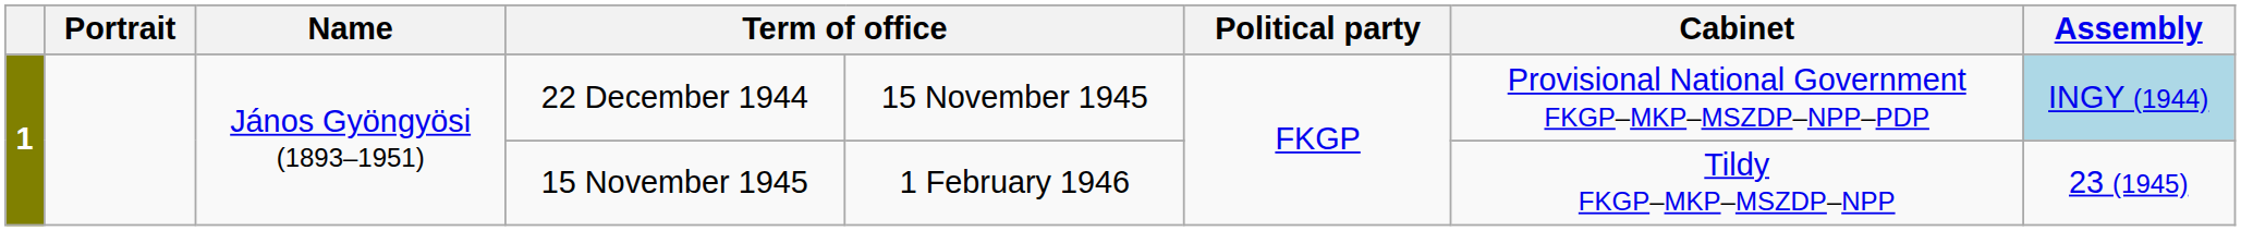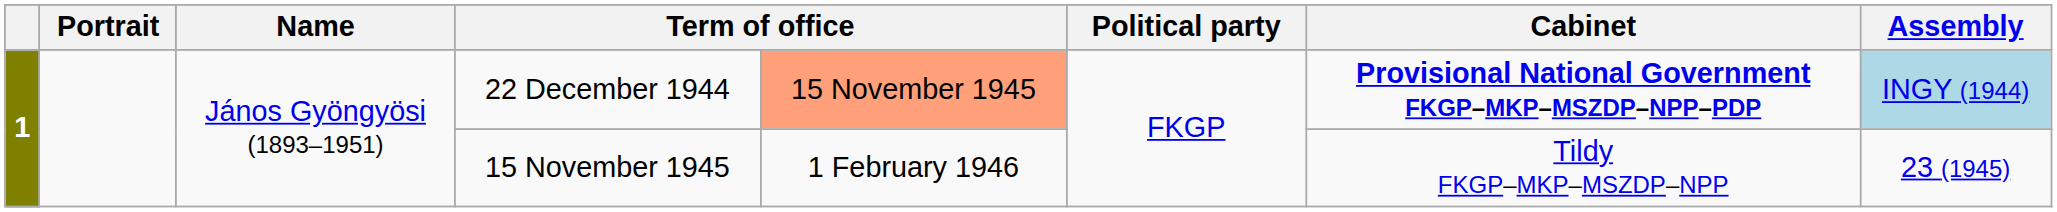 <table class="wikitable" style="width:90%; text-align:center;">
 <tr>
 <th></th>
 <th>Portrait</th>
 <th>Name<br></th>
 <th colspan=2>Term of office</th>
 <th>Political party</th>
 <th>Cabinet</th>
 <th><a href='#'>Assembly</a><br></th>
 </tr>
 <tr>
 <th rowspan="2" style="background-color:#808000; color:white">1</th>
 <td rowspan="2"></td>
 <td rowspan="2"><a href='#'>János Gyöngyösi</a><br><small>(1893–1951)</small></td>
 <td>22 December 1944</td>
-<td>15 November 1945</td>
+<td style="background: lightsalmon;">15 November 1945</td>
 <td rowspan="2"><a href='#'>FKGP</a></td>
-<td><a href='#'>Provisional National Government</a><br><small><a href='#'>FKGP</a>–<a href='#'>MKP</a>–<a href='#'>MSZDP</a>–<a href='#'>NPP</a>–<a href='#'>PDP</a></small></td>
+<td><strong><a href='#'>Provisional National Government</a><br><small><a href='#'>FKGP</a>–<a href='#'>MKP</a>–<a href='#'>MSZDP</a>–<a href='#'>NPP</a>–<a href='#'>PDP</a></small></strong></td>
 <td style="background: lightblue;"><a href='#'>INGY <small>(1944)</small></a></td>
 </tr>
 <tr>
 <td>15 November 1945</td>
 <td>1 February 1946</td>
 <td><a href='#'>Tildy</a><br><small><a href='#'>FKGP</a>–<a href='#'>MKP</a>–<a href='#'>MSZDP</a>–<a href='#'>NPP</a></small></td>
 <td><a href='#'>23 <small>(1945)</small></a></td>
 </tr>
 </table>
